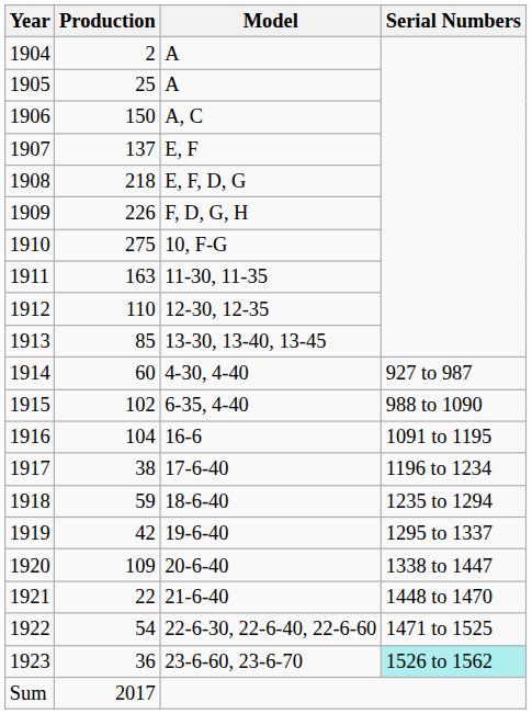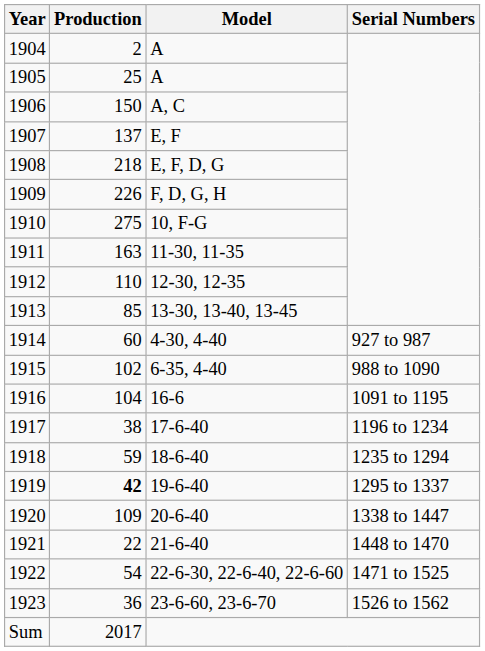 <table class="wikitable sortable">
 <tr>
 <th>Year</th>
 <th>Production</th>
 <th>Model</th>
 <th>Serial Numbers</th>
 </tr>
 <tr>
 <td>1904</td>
 <td align="right">2</td>
 <td>A</td>
 </tr>
 <tr>
 <td>1905</td>
 <td align="right">25</td>
 <td>A</td>
 </tr>
 <tr>
 <td>1906</td>
 <td align="right">150</td>
 <td>A, C</td>
 </tr>
 <tr>
 <td>1907</td>
 <td align="right">137</td>
 <td>E, F</td>
 </tr>
 <tr>
 <td>1908</td>
 <td align="right">218</td>
 <td>E, F, D, G</td>
 </tr>
 <tr>
 <td>1909</td>
 <td align="right">226</td>
 <td>F, D, G, H</td>
 </tr>
 <tr>
 <td>1910</td>
 <td align="right">275</td>
 <td>10, F-G</td>
 </tr>
 <tr>
 <td>1911</td>
 <td align="right">163</td>
 <td>11-30, 11-35</td>
 </tr>
 <tr>
 <td>1912</td>
 <td align="right">110</td>
 <td>12-30, 12-35</td>
 </tr>
 <tr>
 <td>1913</td>
 <td align="right">85</td>
 <td>13-30, 13-40, 13-45</td>
 </tr>
 <tr>
 <td>1914</td>
 <td align="right">60</td>
 <td>4-30, 4-40</td>
 <td>927 to 987 </td>
 </tr>
 <tr>
 <td>1915</td>
 <td align="right">102</td>
 <td>6-35, 4-40</td>
 <td>988 to 1090</td>
 </tr>
 <tr>
 <td>1916</td>
 <td align="right">104</td>
 <td>16-6</td>
 <td>1091 to 1195</td>
 </tr>
 <tr>
 <td>1917</td>
 <td align="right">38</td>
 <td>17-6-40</td>
 <td>1196 to 1234</td>
 </tr>
 <tr>
 <td>1918</td>
 <td align="right">59</td>
 <td>18-6-40</td>
 <td>1235 to 1294</td>
 </tr>
 <tr>
 <td>1919</td>
-<td align="right">42</td>
+<td align="right"><strong>42</strong></td>
 <td>19-6-40</td>
 <td>1295 to 1337</td>
 </tr>
 <tr>
 <td>1920</td>
 <td align="right">109</td>
 <td>20-6-40</td>
 <td>1338 to 1447</td>
 </tr>
 <tr>
 <td>1921</td>
 <td align="right">22</td>
 <td>21-6-40</td>
 <td>1448 to 1470</td>
 </tr>
 <tr>
 <td>1922</td>
 <td align="right">54</td>
 <td>22-6-30, 22-6-40, 22-6-60</td>
 <td>1471 to 1525</td>
 </tr>
 <tr>
 <td>1923</td>
 <td align="right">36</td>
 <td>23-6-60, 23-6-70</td>
-<td style="background: paleturquoise;">1526 to 1562</td>
+<td>1526 to 1562</td>
 </tr>
 <tr>
 <td>Sum</td>
 <td align="right">2017</td>
 </tr>
 </table>
